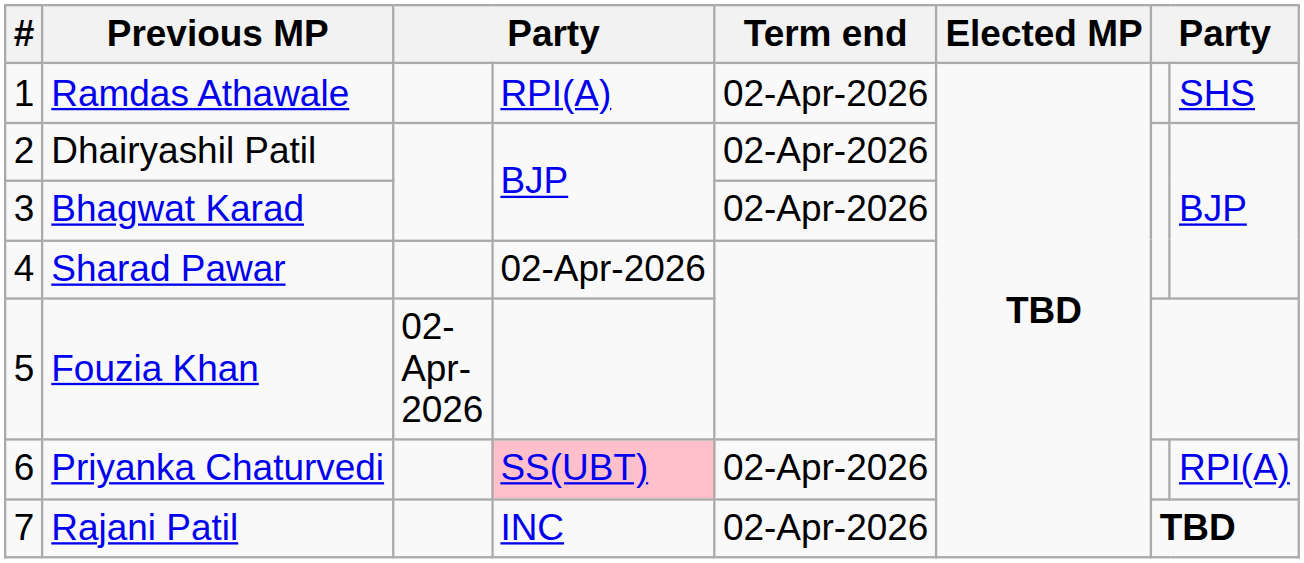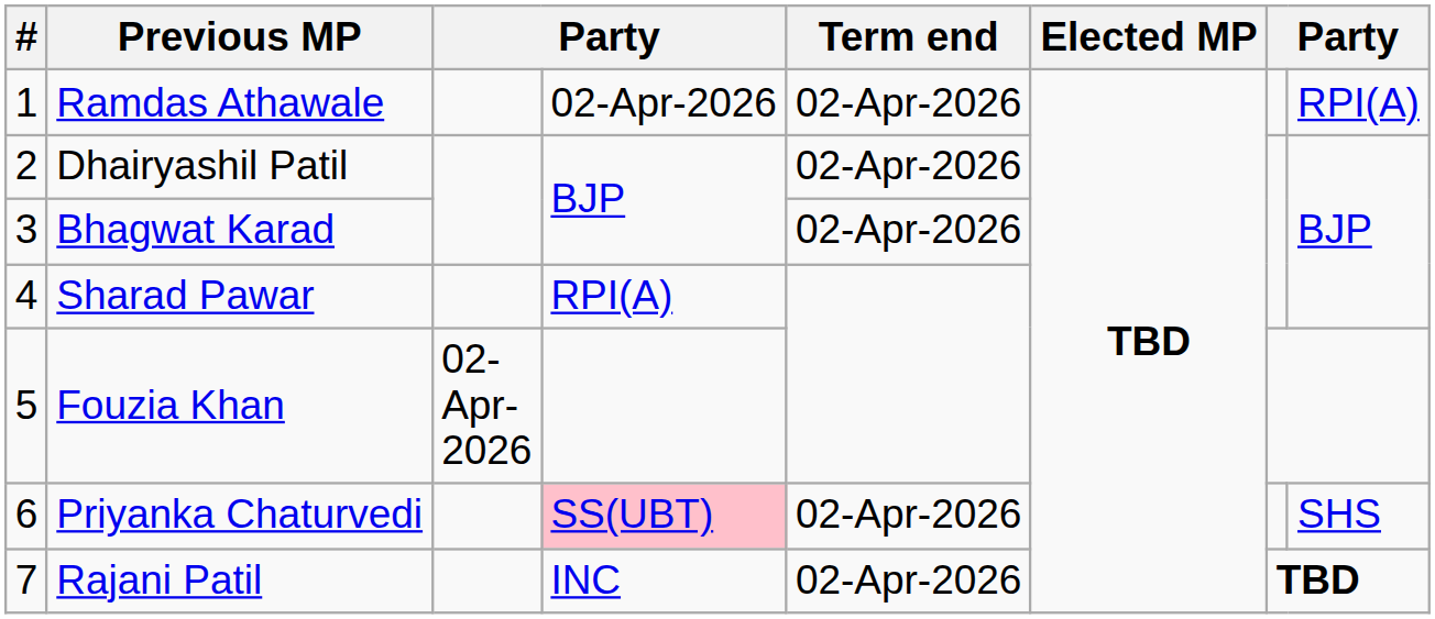 <table class="wikitable sortable">
 <tr>
 <th>#</th>
 <th>Previous MP</th>
 <th colspan="2">Party</th>
 <th>Term end</th>
 <th>Elected MP</th>
 <th colspan="2">Party</th>
 </tr>
 <tr>
 <td>1</td>
 <td><a href='#'>Ramdas Athawale</a></td>
 <td width="1px"></td>
-<td><a href='#'>RPI(A)</a></td>
+<td>02-Apr-2026</td>
 <td>02-Apr-2026</td>
 <td Rowspan=7 align=middle><strong>TBD</strong></td>
 <td width="1px"></td>
-<td><a href='#'>SHS</a></td>
+<td><a href='#'>RPI(A)</a></td>
 </tr>
 <tr>
 <td>2</td>
 <td>Dhairyashil Patil</td>
 <td rowspan=2 width="1px"></td>
 <td rowspan="2"><a href='#'>BJP</a></td>
 <td>02-Apr-2026</td>
 <td rowspan=3 width="1px"></td>
 <td rowspan="3"><a href='#'>BJP</a></td>
 </tr>
 <tr>
 <td>3</td>
 <td><a href='#'>Bhagwat Karad</a></td>
 <td>02-Apr-2026</td>
 </tr>
 <tr>
 <td>4</td>
 <td><a href='#'>Sharad Pawar</a></td>
 <td></td>
-<td>02-Apr-2026</td>
+<td><a href='#'>RPI(A)</a></td>
 </tr>
 <tr>
 <td>5</td>
 <td><a href='#'>Fouzia Khan</a></td>
 <td>02-Apr-2026</td>
 <td></td>
 </tr>
 <tr>
 <td>6</td>
 <td><a href='#'>Priyanka Chaturvedi</a></td>
 <td width="1px"></td>
 <td style="background: pink;"><a href='#'>SS(UBT)</a></td>
 <td>02-Apr-2026</td>
 <td></td>
-<td><a href='#'>RPI(A)</a></td>
+<td><a href='#'>SHS</a></td>
 </tr>
 <tr>
 <td>7</td>
 <td><a href='#'>Rajani Patil</a></td>
 <td width="1px"></td>
 <td><a href='#'>INC</a></td>
 <td>02-Apr-2026</td>
 <td Colspan=3><strong>TBD</strong></td>
 </tr>
 </table>
